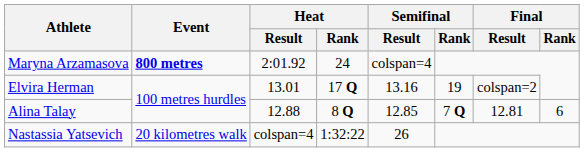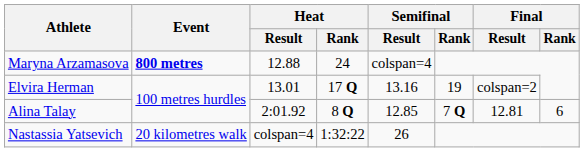 <table class=wikitable style=font-size:90%>
 <tr>
 <th rowspan=2>Athlete</th>
 <th rowspan=2>Event</th>
 <th colspan=2>Heat</th>
 <th colspan=2>Semifinal</th>
 <th colspan=2>Final</th>
 </tr>
 <tr style=font-size:95%>
 <th>Result</th>
 <th>Rank</th>
 <th>Result</th>
 <th>Rank</th>
 <th>Result</th>
 <th>Rank</th>
 </tr>
 <tr align=center>
 <td align=left><a href='#'>Maryna Arzamasova</a></td>
 <td align=left><strong><a href='#'>800 metres</a></strong></td>
-<td>2:01.92 <strong></strong></td>
+<td>12.88 <strong></strong></td>
 <td>24</td>
 <td>colspan=4 </td>
 </tr>
 <tr align=center>
 <td align=left><a href='#'>Elvira Herman</a></td>
 <td align=left rowspan=2><a href='#'>100 metres hurdles</a></td>
 <td>13.01</td>
 <td>17 <strong>Q</strong></td>
 <td>13.16</td>
 <td>19</td>
 <td>colspan=2 </td>
 </tr>
 <tr align=center>
 <td align=left><a href='#'>Alina Talay</a></td>
-<td>12.88 <strong></strong></td>
+<td>2:01.92 <strong></strong></td>
 <td>8 <strong>Q</strong></td>
 <td>12.85 <strong></strong></td>
 <td>7 <strong>Q</strong></td>
 <td>12.81 <strong></strong></td>
 <td>6</td>
 </tr>
 <tr align=center>
 <td align=left><a href='#'>Nastassia Yatsevich</a></td>
 <td align=left><a href='#'>20 kilometres walk</a></td>
 <td>colspan=4 </td>
 <td>1:32:22 <strong></strong></td>
 <td>26</td>
 </tr>
 </table>
